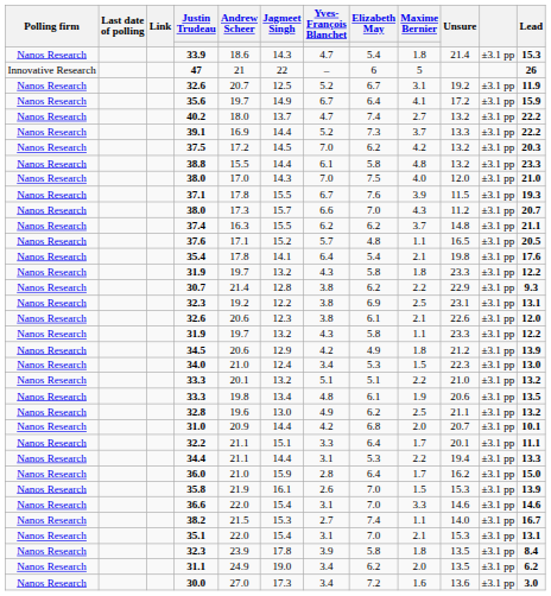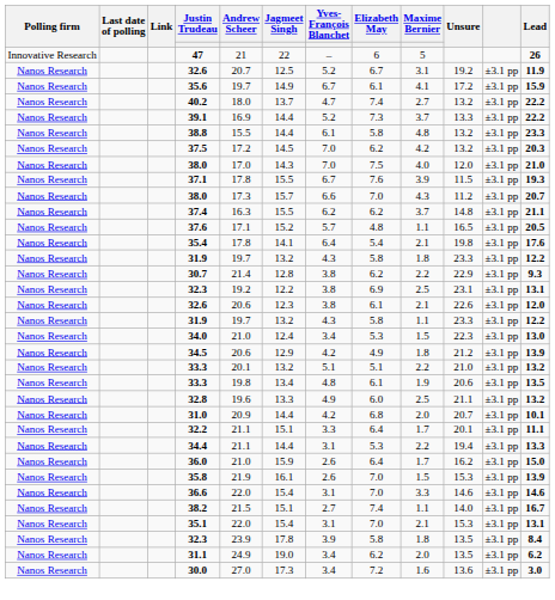 <table class="wikitable sortable mw-datatable" style="text-align:center;font-size:90%;line-height:14px;">
 <tr>
 <th rowspan="2">Polling firm</th>
 <th rowspan="2">Last date<br>of polling</th>
 <th rowspan="2">Link</th>
 <th class="unsortable" style="width:40px;"><a href='#'>Justin Trudeau</a></th>
 <th class="unsortable" style="width:40px;"><a href='#'>Andrew Scheer</a></th>
 <th class="unsortable" style="width:40px;"><a href='#'>Jagmeet Singh</a></th>
 <th class="unsortable" style="width:40px;"><a href='#'>Yves-François Blanchet</a></th>
 <th class="unsortable" style="width:40px;"><a href='#'>Elizabeth May</a></th>
 <th class="unsortable" style="width:40px;"><a href='#'>Maxime Bernier</a></th>
 <th rowspan="2">Unsure</th>
 <th rowspan="2"></th>
 <th rowspan="2">Lead</th>
 </tr>
 <tr style="background:#e9e9e9;">
 <th class="unsortable" style="background-color:"></th>
 <th class="unsortable" style="background-color:"></th>
 <th class="unsortable" style="background-color:"></th>
 <th class="unsortable" style="background-color:"></th>
 <th class="unsortable" style="background-color:"></th>
 <th class="unsortable" style="background-color:"></th>
-</tr>
-<tr>
-<td><a href='#'>Nanos Research</a></td>
-<td></td>
-<td></td>
-<td><strong>33.9</strong></td>
-<td>18.6</td>
-<td>14.3</td>
-<td>4.7</td>
-<td>5.4</td>
-<td>1.8</td>
-<td>21.4</td>
-<td>±3.1 pp</td>
-<td><strong>15.3</strong></td>
 </tr>
 <tr>
 <td>Innovative Research</td>
 <td></td>
 <td></td>
 <td><strong>47</strong></td>
 <td>21</td>
 <td>22</td>
 <td>–</td>
 <td>6</td>
 <td>5</td>
 <td></td>
 <td></td>
 <td><strong>26</strong></td>
 </tr>
 <tr>
 <td><a href='#'>Nanos Research</a></td>
 <td></td>
 <td></td>
 <td><strong>32.6</strong></td>
 <td>20.7</td>
 <td>12.5</td>
 <td>5.2</td>
 <td>6.7</td>
 <td>3.1</td>
 <td>19.2</td>
 <td>±3.1 pp</td>
 <td><strong>11.9</strong></td>
 </tr>
 <tr>
 <td><a href='#'>Nanos Research</a></td>
 <td></td>
 <td></td>
 <td><strong>35.6</strong></td>
 <td>19.7</td>
 <td>14.9</td>
 <td>6.7</td>
-<td>6.4</td>
+<td>6.1</td>
 <td>4.1</td>
 <td>17.2</td>
 <td>±3.1 pp</td>
 <td><strong>15.9</strong></td>
 </tr>
 <tr>
 <td><a href='#'>Nanos Research</a></td>
 <td></td>
 <td></td>
 <td><strong>40.2</strong></td>
 <td>18.0</td>
 <td>13.7</td>
 <td>4.7</td>
 <td>7.4</td>
 <td>2.7</td>
 <td>13.2</td>
 <td>±3.1 pp</td>
 <td><strong>22.2</strong></td>
 </tr>
 <tr>
 <td><a href='#'>Nanos Research</a></td>
 <td></td>
 <td></td>
 <td><strong>39.1</strong></td>
 <td>16.9</td>
 <td>14.4</td>
 <td>5.2</td>
 <td>7.3</td>
 <td>3.7</td>
 <td>13.3</td>
 <td>±3.1 pp</td>
 <td><strong>22.2</strong></td>
 </tr>
 <tr>
 <td><a href='#'>Nanos Research</a></td>
 <td></td>
 <td></td>
+<td><strong>38.8</strong></td>
+<td>15.5</td>
+<td>14.4</td>
+<td>6.1</td>
+<td>5.8</td>
+<td>4.8</td>
+<td>13.2</td>
+<td>±3.1 pp</td>
+<td><strong>23.3</strong></td>
+</tr>
+<tr>
+<td><a href='#'>Nanos Research</a></td>
+<td></td>
+<td></td>
 <td><strong>37.5</strong></td>
 <td>17.2</td>
 <td>14.5</td>
 <td>7.0</td>
 <td>6.2</td>
 <td>4.2</td>
 <td>13.2</td>
 <td>±3.1 pp</td>
 <td><strong>20.3</strong></td>
-</tr>
-<tr>
-<td><a href='#'>Nanos Research</a></td>
-<td></td>
-<td></td>
-<td><strong>38.8</strong></td>
-<td>15.5</td>
-<td>14.4</td>
-<td>6.1</td>
-<td>5.8</td>
-<td>4.8</td>
-<td>13.2</td>
-<td>±3.1 pp</td>
-<td><strong>23.3</strong></td>
 </tr>
 <tr>
 <td><a href='#'>Nanos Research</a></td>
 <td></td>
 <td></td>
 <td><strong>38.0</strong></td>
 <td>17.0</td>
 <td>14.3</td>
 <td>7.0</td>
 <td>7.5</td>
 <td>4.0</td>
 <td>12.0</td>
 <td>±3.1 pp</td>
 <td><strong>21.0</strong></td>
 </tr>
 <tr>
 <td><a href='#'>Nanos Research</a></td>
 <td></td>
 <td></td>
 <td><strong>37.1</strong></td>
 <td>17.8</td>
 <td>15.5</td>
 <td>6.7</td>
 <td>7.6</td>
 <td>3.9</td>
 <td>11.5</td>
 <td>±3.1 pp</td>
 <td><strong>19.3</strong></td>
 </tr>
 <tr>
 <td><a href='#'>Nanos Research</a></td>
 <td></td>
 <td></td>
 <td><strong>38.0</strong></td>
 <td>17.3</td>
 <td>15.7</td>
 <td>6.6</td>
 <td>7.0</td>
 <td>4.3</td>
 <td>11.2</td>
 <td>±3.1 pp</td>
 <td><strong>20.7</strong></td>
 </tr>
 <tr>
 <td><a href='#'>Nanos Research</a></td>
 <td></td>
 <td></td>
 <td><strong>37.4</strong></td>
 <td>16.3</td>
 <td>15.5</td>
 <td>6.2</td>
 <td>6.2</td>
 <td>3.7</td>
 <td>14.8</td>
 <td>±3.1 pp</td>
 <td><strong>21.1</strong></td>
 </tr>
 <tr>
 <td><a href='#'>Nanos Research</a></td>
 <td></td>
 <td></td>
 <td><strong>37.6</strong></td>
 <td>17.1</td>
 <td>15.2</td>
 <td>5.7</td>
 <td>4.8</td>
 <td>1.1</td>
 <td>16.5</td>
 <td>±3.1 pp</td>
 <td><strong>20.5</strong></td>
 </tr>
 <tr>
 <td><a href='#'>Nanos Research</a></td>
 <td></td>
 <td></td>
 <td><strong>35.4</strong></td>
 <td>17.8</td>
 <td>14.1</td>
 <td>6.4</td>
 <td>5.4</td>
 <td>2.1</td>
 <td>19.8</td>
 <td>±3.1 pp</td>
 <td><strong>17.6</strong></td>
 </tr>
 <tr>
 <td><a href='#'>Nanos Research</a></td>
 <td></td>
 <td></td>
 <td><strong>31.9</strong></td>
 <td>19.7</td>
 <td>13.2</td>
 <td>4.3</td>
 <td>5.8</td>
 <td>1.8</td>
 <td>23.3</td>
 <td>±3.1 pp</td>
 <td><strong>12.2</strong></td>
 </tr>
 <tr>
 <td><a href='#'>Nanos Research</a></td>
 <td></td>
 <td></td>
 <td><strong>30.7</strong></td>
 <td>21.4</td>
 <td>12.8</td>
 <td>3.8</td>
 <td>6.2</td>
 <td>2.2</td>
 <td>22.9</td>
 <td>±3.1 pp</td>
 <td><strong>9.3</strong></td>
 </tr>
 <tr>
 <td><a href='#'>Nanos Research</a></td>
 <td></td>
 <td></td>
 <td><strong>32.3</strong></td>
 <td>19.2</td>
 <td>12.2</td>
 <td>3.8</td>
 <td>6.9</td>
 <td>2.5</td>
 <td>23.1</td>
 <td>±3.1 pp</td>
 <td><strong>13.1</strong></td>
 </tr>
 <tr>
 <td><a href='#'>Nanos Research</a></td>
 <td></td>
 <td></td>
 <td><strong>32.6</strong></td>
 <td>20.6</td>
 <td>12.3</td>
 <td>3.8</td>
 <td>6.1</td>
 <td>2.1</td>
 <td>22.6</td>
 <td>±3.1 pp</td>
 <td><strong>12.0</strong></td>
 </tr>
 <tr>
 <td><a href='#'>Nanos Research</a></td>
 <td></td>
 <td></td>
 <td><strong>31.9</strong></td>
 <td>19.7</td>
 <td>13.2</td>
 <td>4.3</td>
 <td>5.8</td>
 <td>1.1</td>
 <td>23.3</td>
 <td>±3.1 pp</td>
 <td><strong>12.2</strong></td>
 </tr>
 <tr>
 <td><a href='#'>Nanos Research</a></td>
 <td></td>
 <td></td>
+<td><strong>34.0</strong></td>
+<td>21.0</td>
+<td>12.4</td>
+<td>3.4</td>
+<td>5.3</td>
+<td>1.5</td>
+<td>22.3</td>
+<td>±3.1 pp</td>
+<td><strong>13.0</strong></td>
+</tr>
+<tr>
+<td><a href='#'>Nanos Research</a></td>
+<td></td>
+<td></td>
 <td><strong>34.5</strong></td>
 <td>20.6</td>
 <td>12.9</td>
 <td>4.2</td>
 <td>4.9</td>
 <td>1.8</td>
 <td>21.2</td>
 <td>±3.1 pp</td>
 <td><strong>13.9</strong></td>
-</tr>
-<tr>
-<td><a href='#'>Nanos Research</a></td>
-<td></td>
-<td></td>
-<td><strong>34.0</strong></td>
-<td>21.0</td>
-<td>12.4</td>
-<td>3.4</td>
-<td>5.3</td>
-<td>1.5</td>
-<td>22.3</td>
-<td>±3.1 pp</td>
-<td><strong>13.0</strong></td>
 </tr>
 <tr>
 <td><a href='#'>Nanos Research</a></td>
 <td></td>
 <td></td>
 <td><strong>33.3</strong></td>
 <td>20.1</td>
 <td>13.2</td>
 <td>5.1</td>
 <td>5.1</td>
 <td>2.2</td>
 <td>21.0</td>
 <td>±3.1 pp</td>
 <td><strong>13.2</strong></td>
 </tr>
 <tr>
 <td><a href='#'>Nanos Research</a></td>
 <td></td>
 <td></td>
 <td><strong>33.3</strong></td>
 <td>19.8</td>
 <td>13.4</td>
 <td>4.8</td>
 <td>6.1</td>
 <td>1.9</td>
 <td>20.6</td>
 <td>±3.1 pp</td>
 <td><strong>13.5</strong></td>
 </tr>
 <tr>
 <td><a href='#'>Nanos Research</a></td>
 <td></td>
 <td></td>
 <td><strong>32.8</strong></td>
 <td>19.6</td>
-<td>13.0</td>
+<td>13.3</td>
 <td>4.9</td>
-<td>6.2</td>
+<td>6.0</td>
 <td>2.5</td>
 <td>21.1</td>
 <td>±3.1 pp</td>
 <td><strong>13.2</strong></td>
 </tr>
 <tr>
 <td><a href='#'>Nanos Research</a></td>
 <td></td>
 <td></td>
 <td><strong>31.0</strong></td>
 <td>20.9</td>
 <td>14.4</td>
 <td>4.2</td>
 <td>6.8</td>
 <td>2.0</td>
 <td>20.7</td>
 <td>±3.1 pp</td>
 <td><strong>10.1</strong></td>
 </tr>
 <tr>
 <td><a href='#'>Nanos Research</a></td>
 <td></td>
 <td></td>
 <td><strong>32.2</strong></td>
 <td>21.1</td>
 <td>15.1</td>
 <td>3.3</td>
 <td>6.4</td>
 <td>1.7</td>
 <td>20.1</td>
 <td>±3.1 pp</td>
 <td><strong>11.1</strong></td>
 </tr>
 <tr>
 <td><a href='#'>Nanos Research</a></td>
 <td></td>
 <td></td>
 <td><strong>34.4</strong></td>
 <td>21.1</td>
 <td>14.4</td>
 <td>3.1</td>
 <td>5.3</td>
 <td>2.2</td>
 <td>19.4</td>
 <td>±3.1 pp</td>
 <td><strong>13.3</strong></td>
 </tr>
 <tr>
 <td><a href='#'>Nanos Research</a></td>
 <td></td>
 <td></td>
 <td><strong>36.0</strong></td>
 <td>21.0</td>
 <td>15.9</td>
-<td>2.8</td>
+<td>2.6</td>
 <td>6.4</td>
 <td>1.7</td>
 <td>16.2</td>
 <td>±3.1 pp</td>
 <td><strong>15.0</strong></td>
 </tr>
 <tr>
 <td><a href='#'>Nanos Research</a></td>
 <td></td>
 <td></td>
 <td><strong>35.8</strong></td>
 <td>21.9</td>
 <td>16.1</td>
 <td>2.6</td>
 <td>7.0</td>
 <td>1.5</td>
 <td>15.3</td>
 <td>±3.1 pp</td>
 <td><strong>13.9</strong></td>
 </tr>
 <tr>
 <td><a href='#'>Nanos Research</a></td>
 <td></td>
 <td></td>
 <td><strong>36.6</strong></td>
 <td>22.0</td>
 <td>15.4</td>
 <td>3.1</td>
 <td>7.0</td>
 <td>3.3</td>
 <td>14.6</td>
 <td>±3.1 pp</td>
 <td><strong>14.6</strong></td>
 </tr>
 <tr>
 <td><a href='#'>Nanos Research</a></td>
 <td></td>
 <td></td>
 <td><strong>38.2</strong></td>
 <td>21.5</td>
-<td>15.3</td>
+<td>15.1</td>
 <td>2.7</td>
 <td>7.4</td>
 <td>1.1</td>
 <td>14.0</td>
 <td>±3.1 pp</td>
 <td><strong>16.7</strong></td>
 </tr>
 <tr>
 <td><a href='#'>Nanos Research</a></td>
 <td></td>
 <td></td>
 <td><strong>35.1</strong></td>
 <td>22.0</td>
 <td>15.4</td>
 <td>3.1</td>
 <td>7.0</td>
 <td>2.1</td>
 <td>15.3</td>
 <td>±3.1 pp</td>
 <td><strong>13.1</strong></td>
 </tr>
 <tr>
 <td><a href='#'>Nanos Research</a></td>
 <td></td>
 <td></td>
 <td><strong>32.3</strong></td>
 <td>23.9</td>
 <td>17.8</td>
 <td>3.9</td>
 <td>5.8</td>
 <td>1.8</td>
 <td>13.5</td>
 <td>±3.1 pp</td>
 <td><strong>8.4</strong></td>
 </tr>
 <tr>
 <td><a href='#'>Nanos Research</a></td>
 <td></td>
 <td></td>
 <td><strong>31.1</strong></td>
 <td>24.9</td>
 <td>19.0</td>
 <td>3.4</td>
 <td>6.2</td>
 <td>2.0</td>
 <td>13.5</td>
 <td>±3.1 pp</td>
 <td><strong>6.2</strong></td>
 </tr>
 <tr>
 <td><a href='#'>Nanos Research</a></td>
 <td></td>
 <td></td>
 <td><strong>30.0</strong></td>
 <td>27.0</td>
 <td>17.3</td>
 <td>3.4</td>
 <td>7.2</td>
 <td>1.6</td>
 <td>13.6</td>
 <td>±3.1 pp</td>
 <td><strong>3.0</strong></td>
 </tr>
 </table>
